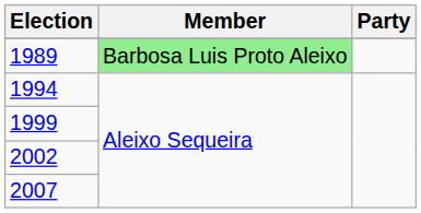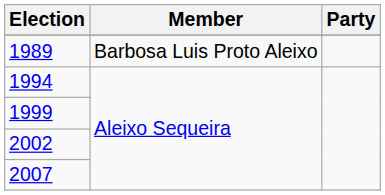 <table class="wikitable sortable">
 <tr>
 <th>Election</th>
 <th>Member</th>
 <th colspan=2>Party</th>
 </tr>
 <tr>
 </tr>
 <tr>
 </tr>
 <tr>
 </tr>
 <tr>
 </tr>
 <tr>
 </tr>
 <tr>
 </tr>
 <tr>
 </tr>
 <tr>
 <td><a href='#'>1989</a></td>
-<td style="background: lightgreen;">Barbosa Luis Proto Aleixo</td>
+<td>Barbosa Luis Proto Aleixo</td>
 <td></td>
 </tr>
 <tr>
 <td><a href='#'>1994</a></td>
 <td rowspan=4><a href='#'>Aleixo Sequeira</a></td>
 </tr>
 <tr>
 <td><a href='#'>1999</a></td>
 </tr>
 <tr>
 <td><a href='#'>2002</a></td>
 </tr>
 <tr>
 <td><a href='#'>2007</a></td>
 </tr>
 </table>
